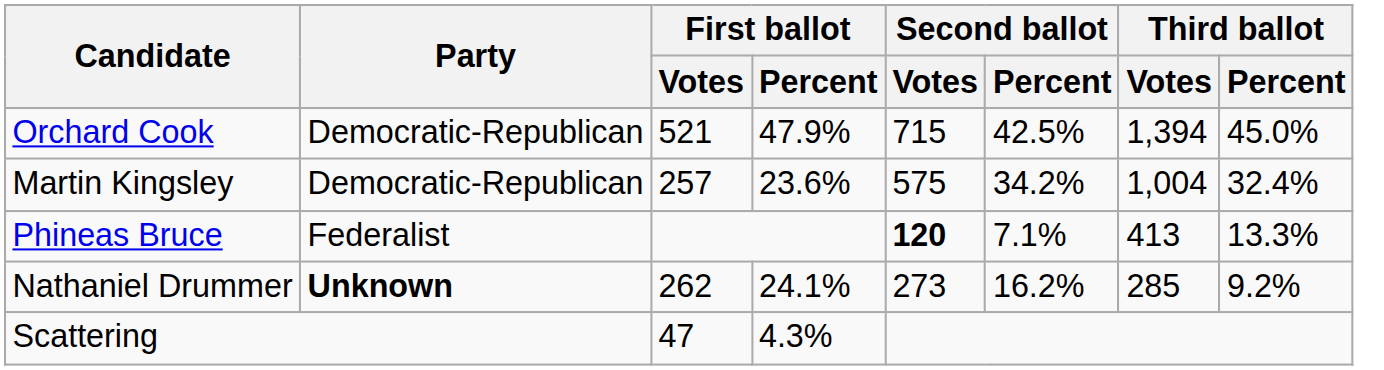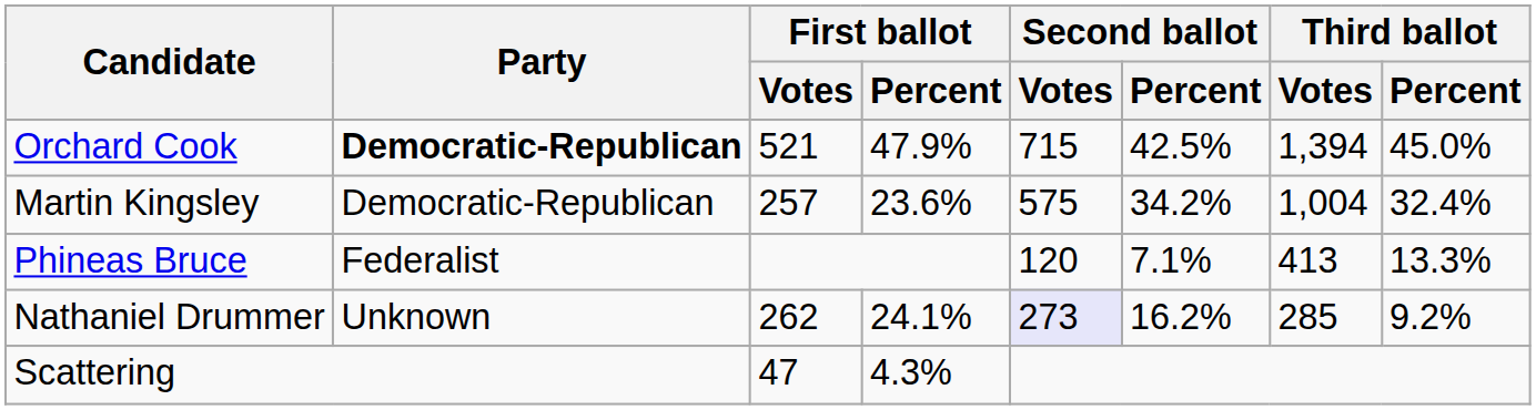 <table class=wikitable>
 <tr>
 <th rowspan=2>Candidate</th>
 <th rowspan=2>Party</th>
 <th colspan=2>First ballot</th>
 <th colspan=2>Second ballot</th>
 <th colspan=2>Third ballot</th>
 </tr>
 <tr>
 <th>Votes</th>
 <th>Percent</th>
 <th>Votes</th>
 <th>Percent</th>
 <th>Votes</th>
 <th>Percent</th>
 </tr>
 <tr>
 <td><a href='#'>Orchard Cook</a></td>
-<td>Democratic-Republican</td>
+<td><strong>Democratic-Republican</strong></td>
 <td>521</td>
 <td>47.9%</td>
 <td>715</td>
 <td>42.5%</td>
 <td>1,394</td>
 <td>45.0%</td>
 </tr>
 <tr>
 <td>Martin Kingsley</td>
 <td>Democratic-Republican</td>
 <td>257</td>
 <td>23.6%</td>
 <td>575</td>
 <td>34.2%</td>
 <td>1,004</td>
 <td>32.4%</td>
 </tr>
 <tr>
 <td><a href='#'>Phineas Bruce</a></td>
 <td>Federalist</td>
 <td colspan=2></td>
-<td><strong>120</strong></td>
+<td>120</td>
 <td>7.1%</td>
 <td>413</td>
 <td>13.3%</td>
 </tr>
 <tr>
 <td>Nathaniel Drummer</td>
-<td><strong>Unknown</strong></td>
+<td>Unknown</td>
 <td>262</td>
 <td>24.1%</td>
-<td>273</td>
+<td style="background: lavender;">273</td>
 <td>16.2%</td>
 <td>285</td>
 <td>9.2%</td>
 </tr>
 <tr>
 <td colspan=2>Scattering</td>
 <td>47</td>
 <td>4.3%</td>
 </tr>
 </table>
